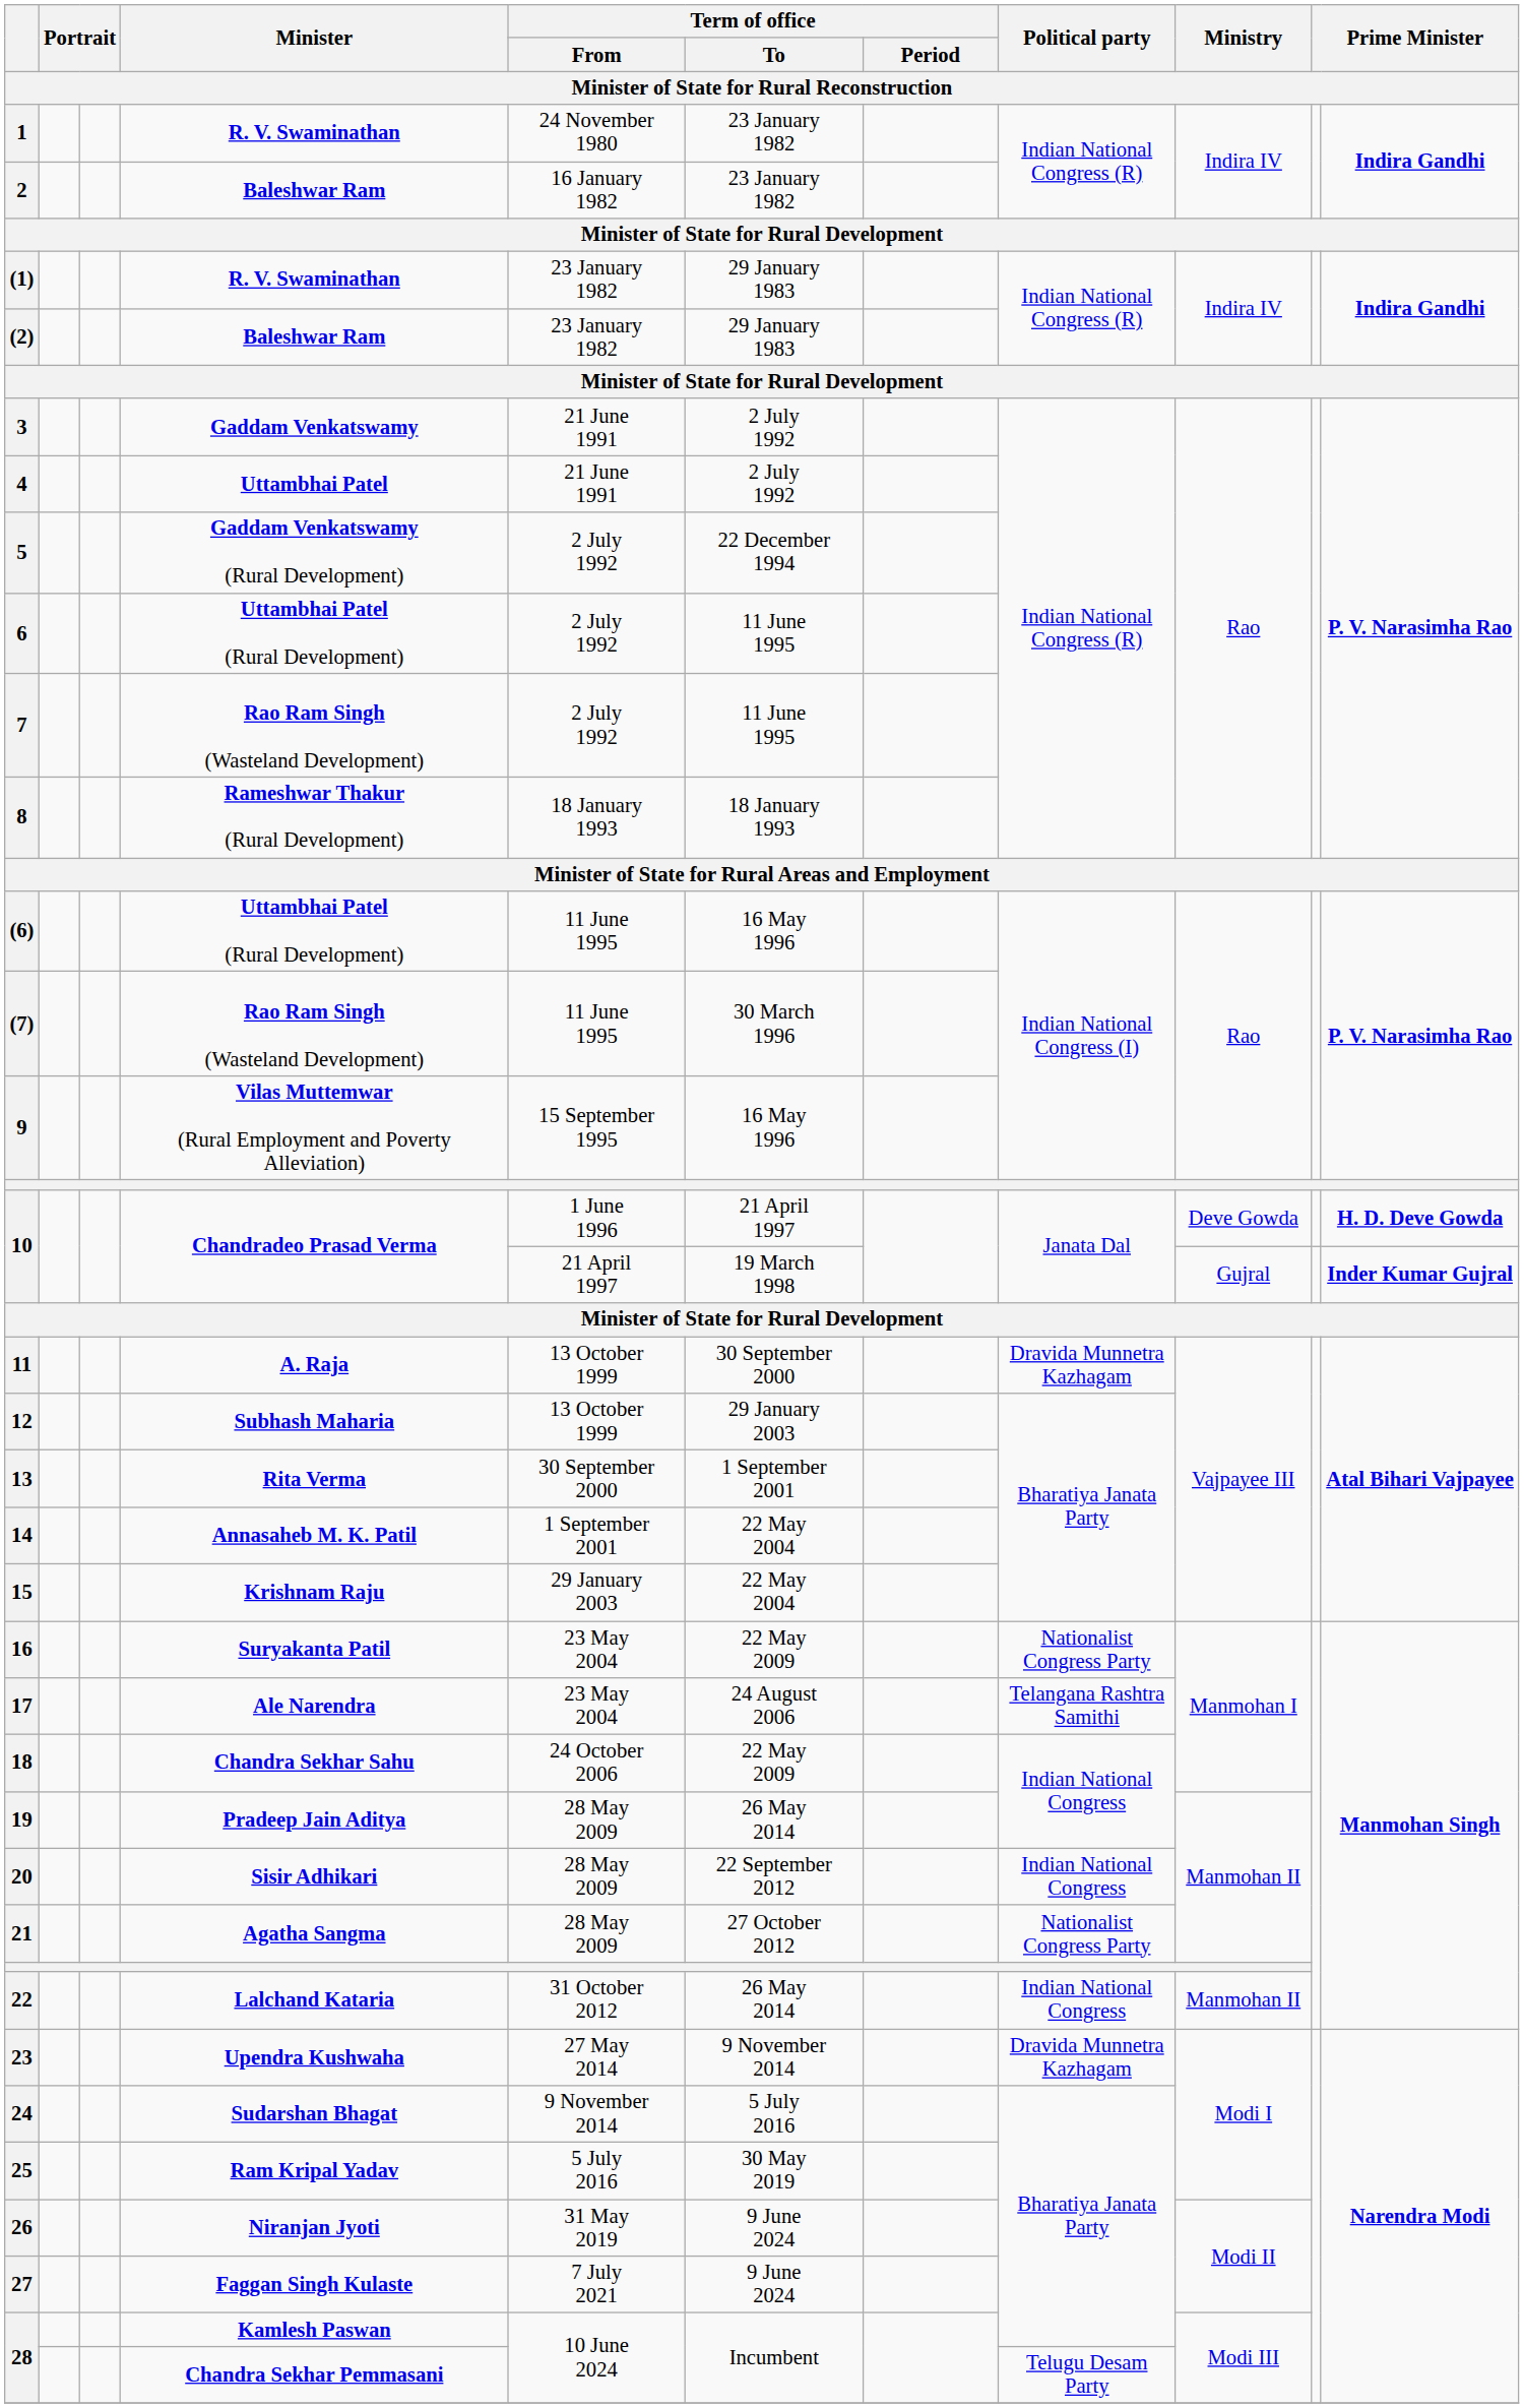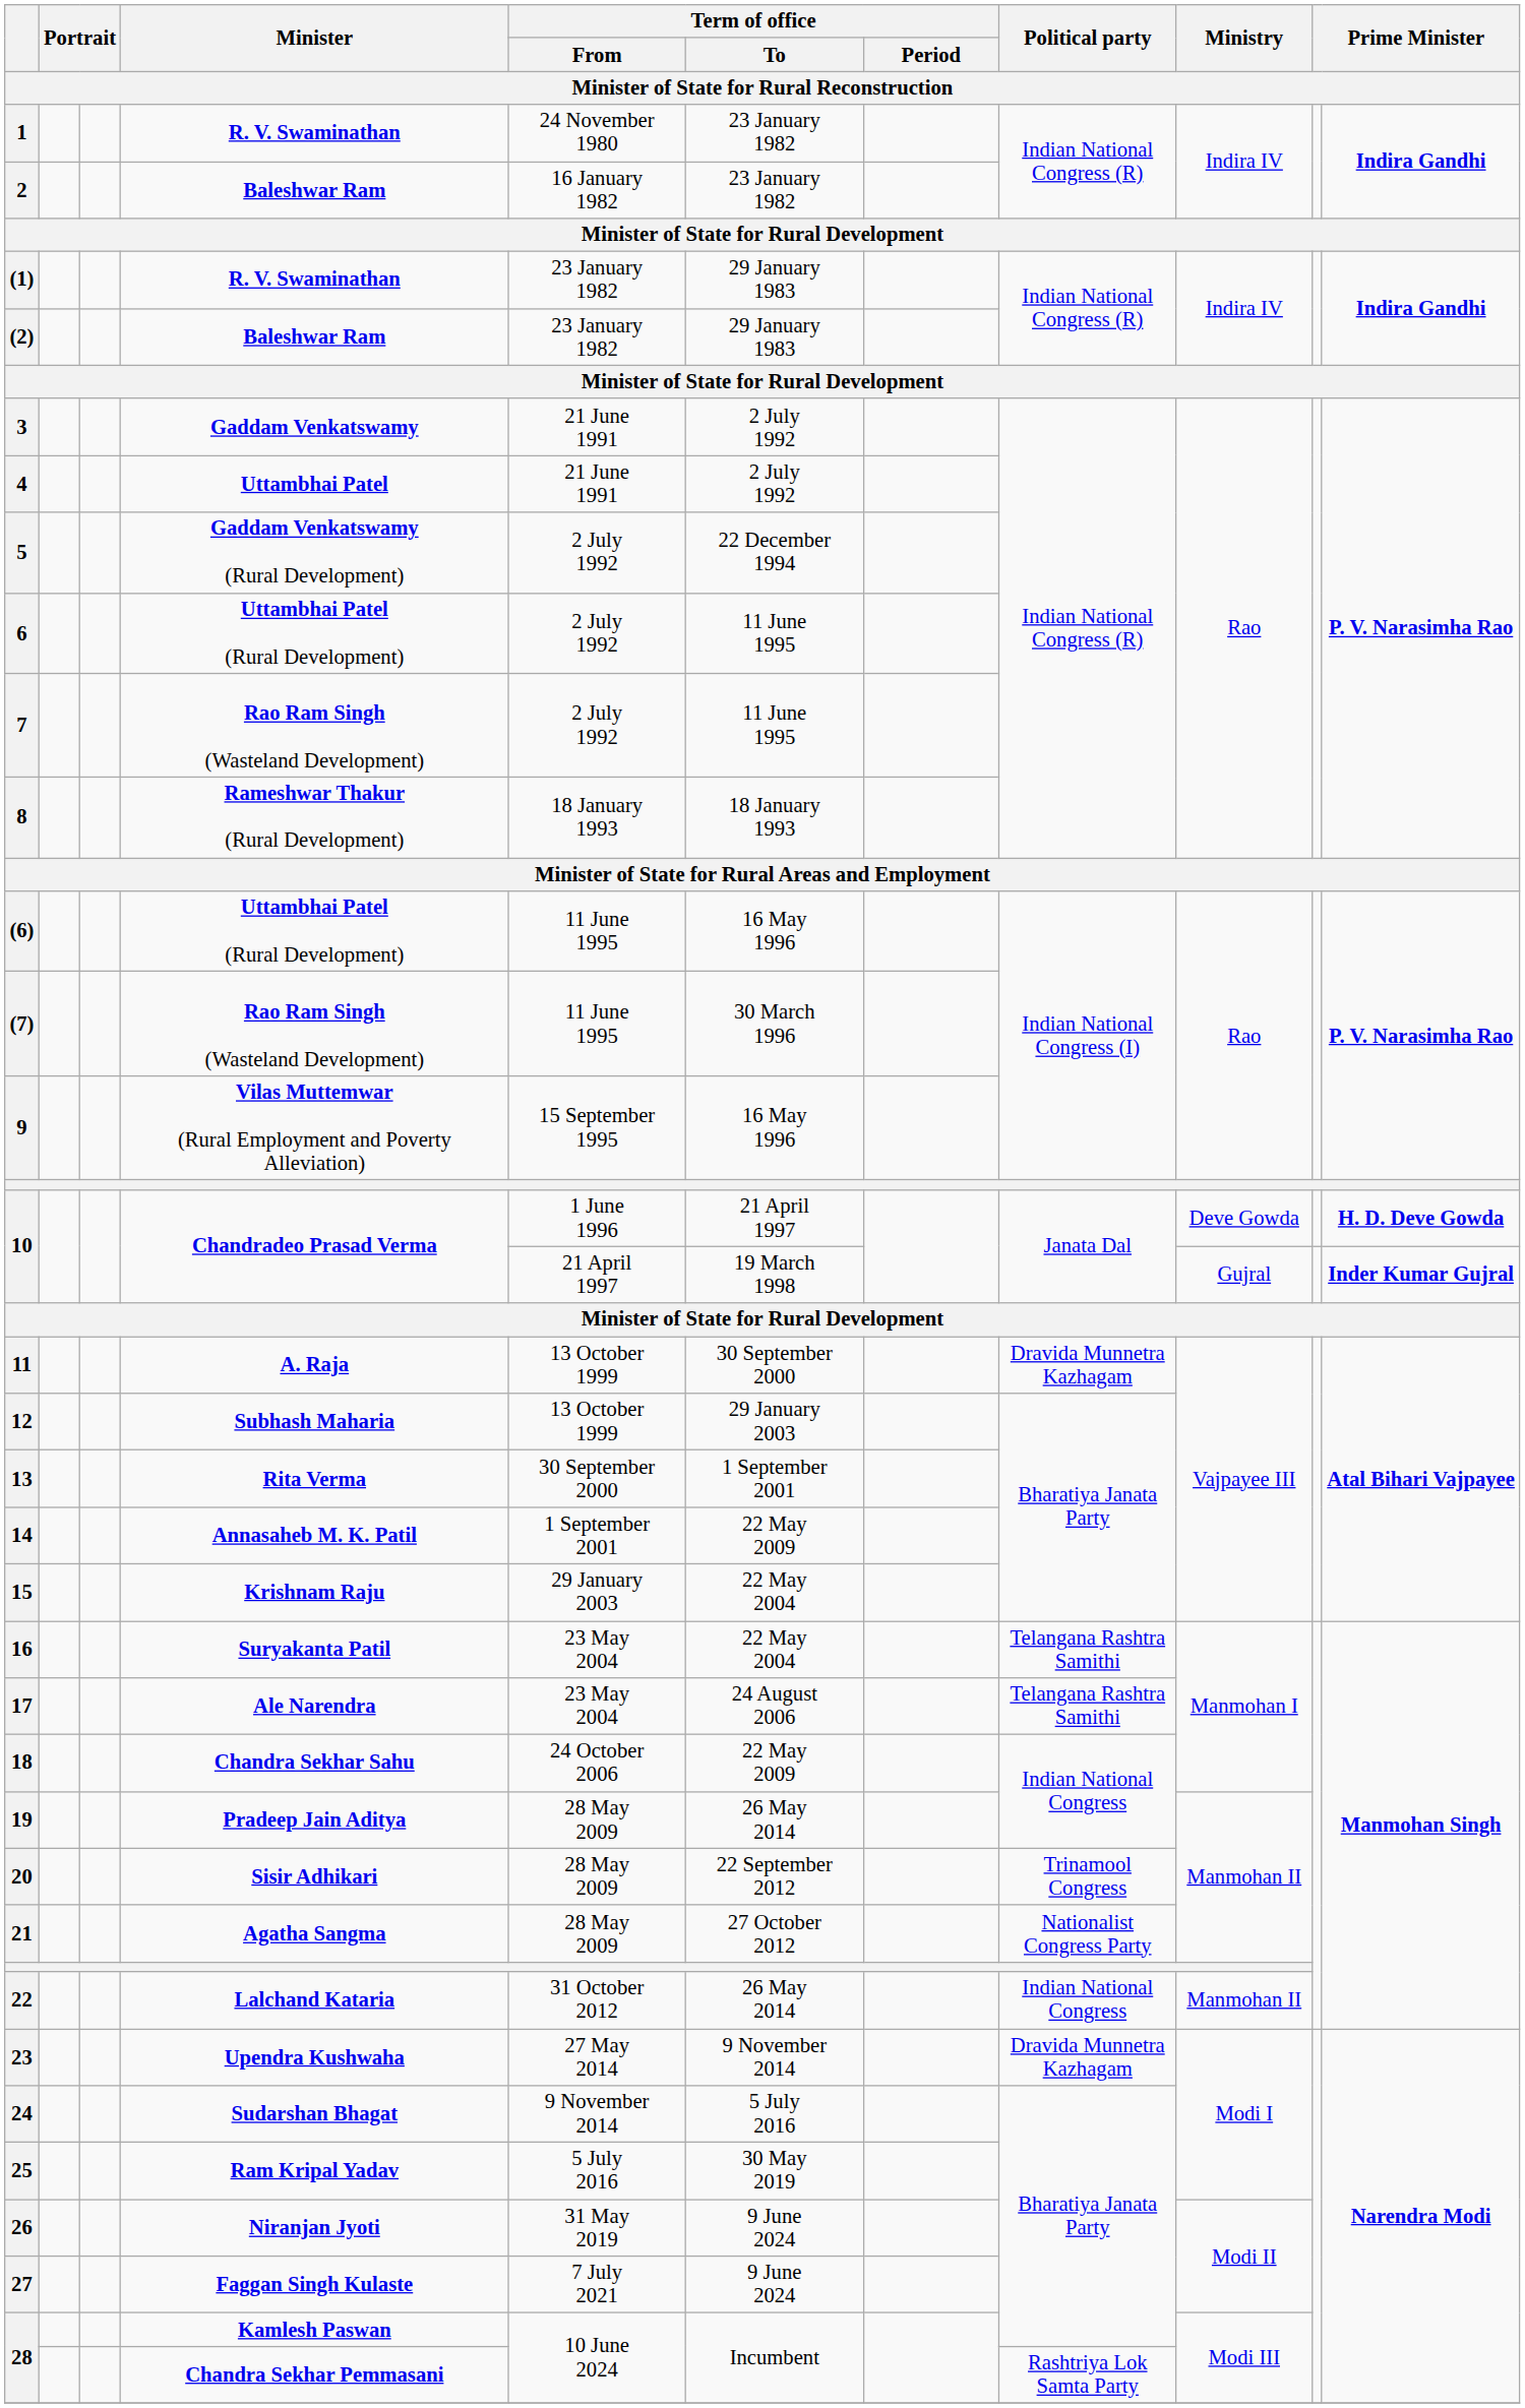 <table class="wikitable" style="text-align:center">
 <tr>
 <th rowspan="2"></th>
 <th rowspan="2" colspan="2">Portrait</th>
 <th rowspan="2" style="width:18em">Minister<br></th>
 <th colspan="3">Term of office</th>
 <th rowspan="2" style="width:8em">Political party</th>
 <th rowspan="2" style="width:6em">Ministry</th>
 <th rowspan="2" colspan="2">Prime Minister</th>
 </tr>
 <tr>
 <th style="width:8em">From</th>
 <th style="width:8em">To</th>
 <th style="width:6em">Period</th>
 </tr>
 <tr>
 <th colspan="11">Minister of State for Rural Reconstruction</th>
 </tr>
 <tr>
 <th>1</th>
 <td></td>
 <td></td>
 <td><strong><a href='#'>R. V. Swaminathan</a></strong><br></td>
 <td>24 November<br>1980</td>
 <td>23 January<br>1982</td>
 <td><strong></strong></td>
 <td rowspan="2"><a href='#'>Indian National Congress (R)</a></td>
 <td rowspan="2"><a href='#'>Indira IV</a></td>
 <td rowspan="2"></td>
 <td rowspan="2"><strong><a href='#'>Indira Gandhi</a></strong></td>
 </tr>
 <tr>
 <th>2</th>
 <td></td>
 <td></td>
 <td><strong><a href='#'>Baleshwar Ram</a></strong><br></td>
 <td>16 January<br>1982</td>
 <td>23 January<br>1982</td>
 <td><strong></strong></td>
 </tr>
 <tr>
 <th colspan="11">Minister of State for Rural Development</th>
 </tr>
 <tr>
 <th>(1)</th>
 <td></td>
 <td></td>
 <td><strong><a href='#'>R. V. Swaminathan</a></strong><br></td>
 <td>23 January<br>1982</td>
 <td>29 January<br>1983</td>
 <td><strong></strong></td>
 <td rowspan="2"><a href='#'>Indian National Congress (R)</a></td>
 <td rowspan="2"><a href='#'>Indira IV</a></td>
 <td rowspan="2"></td>
 <td rowspan="2"><strong><a href='#'>Indira Gandhi</a></strong></td>
 </tr>
 <tr>
 <th>(2)</th>
 <td></td>
 <td></td>
 <td><strong><a href='#'>Baleshwar Ram</a></strong><br></td>
 <td>23 January<br>1982</td>
 <td>29 January<br>1983</td>
 <td><strong></strong></td>
 </tr>
 <tr>
 <th colspan="11">Minister of State for Rural Development</th>
 </tr>
 <tr>
 <th>3</th>
 <td></td>
 <td></td>
 <td><strong><a href='#'>Gaddam Venkatswamy</a></strong><br></td>
 <td>21 June<br>1991</td>
 <td>2 July<br>1992</td>
 <td><strong></strong></td>
 <td rowspan="6"><a href='#'>Indian National Congress (R)</a></td>
 <td rowspan="6"><a href='#'>Rao</a></td>
 <td rowspan="6"></td>
 <td rowspan="6"><strong><a href='#'>P. V. Narasimha Rao</a></strong></td>
 </tr>
 <tr>
 <th>4</th>
 <td></td>
 <td></td>
 <td><strong><a href='#'>Uttambhai Patel</a></strong><br></td>
 <td>21 June<br>1991</td>
 <td>2 July<br>1992</td>
 <td><strong></strong></td>
 </tr>
 <tr>
 <th>5</th>
 <td></td>
 <td></td>
 <td><strong><a href='#'>Gaddam Venkatswamy</a></strong><br><br>(Rural Development)</td>
 <td>2 July<br>1992</td>
 <td>22 December<br>1994</td>
 <td><strong></strong></td>
 </tr>
 <tr>
 <th>6</th>
 <td></td>
 <td></td>
 <td><strong><a href='#'>Uttambhai Patel</a></strong><br><br>(Rural Development)</td>
 <td>2 July<br>1992</td>
 <td>11 June<br>1995</td>
 <td><strong></strong></td>
 </tr>
 <tr>
 <th>7</th>
 <td></td>
 <td></td>
 <td><br><strong><a href='#'>Rao Ram Singh</a></strong> <br><br>(Wasteland Development)</td>
 <td>2 July<br>1992</td>
 <td>11 June<br>1995</td>
 <td><strong></strong></td>
 </tr>
 <tr>
 <th>8</th>
 <td></td>
 <td></td>
 <td><strong><a href='#'>Rameshwar Thakur</a></strong><br><br>(Rural Development)</td>
 <td>18 January<br>1993</td>
 <td>18 January<br>1993</td>
 <td><strong></strong></td>
 </tr>
 <tr>
 <th colspan="11">Minister of State for Rural Areas and Employment</th>
 </tr>
 <tr>
 <th>(6)</th>
 <td></td>
 <td></td>
 <td><strong><a href='#'>Uttambhai Patel</a></strong><br><br>(Rural Development)</td>
 <td>11 June<br>1995</td>
 <td>16 May<br>1996</td>
 <td><strong></strong></td>
 <td rowspan="3"><a href='#'>Indian National Congress (I)</a></td>
 <td rowspan="3"><a href='#'>Rao</a></td>
 <td rowspan="3"></td>
 <td rowspan="3"><strong><a href='#'>P. V. Narasimha Rao</a></strong></td>
 </tr>
 <tr>
 <th>(7)</th>
 <td></td>
 <td></td>
 <td><br><strong><a href='#'>Rao Ram Singh</a></strong> <br><br>(Wasteland Development)</td>
 <td>11 June<br>1995</td>
 <td>30 March<br>1996</td>
 <td><strong></strong></td>
 </tr>
 <tr>
 <th>9</th>
 <td></td>
 <td></td>
 <td><strong><a href='#'>Vilas Muttemwar</a></strong><br><br>(Rural Employment and Poverty Alleviation)</td>
 <td>15 September<br>1995</td>
 <td>16 May<br>1996</td>
 <td><strong></strong></td>
 </tr>
 <tr>
 <th colspan="11"></th>
 </tr>
 <tr>
 <th rowspan="2">10</th>
 <td rowspan="2"></td>
 <td rowspan="2"></td>
 <td rowspan="2"><strong><a href='#'>Chandradeo Prasad Verma</a></strong><br></td>
 <td>1 June<br>1996</td>
 <td>21 April<br>1997</td>
 <td rowspan="2"><strong></strong></td>
 <td rowspan="2"><a href='#'>Janata Dal</a></td>
 <td><a href='#'>Deve Gowda</a></td>
 <td></td>
 <td><strong><a href='#'>H. D. Deve Gowda</a></strong></td>
 </tr>
 <tr>
 <td>21 April<br>1997</td>
 <td>19 March<br>1998</td>
 <td><a href='#'>Gujral</a></td>
 <td></td>
 <td><strong><a href='#'>Inder Kumar Gujral</a></strong></td>
 </tr>
 <tr>
 <th colspan="11">Minister of State for Rural Development</th>
 </tr>
 <tr>
 <th>11</th>
 <td></td>
 <td></td>
 <td><strong><a href='#'>A. Raja</a></strong><br></td>
 <td>13 October<br>1999</td>
 <td>30 September<br>2000</td>
 <td><strong></strong></td>
 <td><a href='#'>Dravida Munnetra Kazhagam</a></td>
 <td rowspan="5"><a href='#'>Vajpayee III</a></td>
 <td rowspan="5"></td>
 <td rowspan="5" style="width:9em"><strong><a href='#'>Atal Bihari Vajpayee</a></strong></td>
 </tr>
 <tr>
 <th>12</th>
 <td></td>
 <td></td>
 <td><strong><a href='#'>Subhash Maharia</a></strong><br></td>
 <td>13 October<br>1999</td>
 <td>29 January<br>2003</td>
 <td><strong></strong></td>
 <td rowspan="4"><a href='#'>Bharatiya Janata Party</a></td>
 </tr>
 <tr>
 <th>13</th>
 <td></td>
 <td></td>
 <td><strong><a href='#'>Rita Verma</a></strong><br></td>
 <td>30 September<br>2000</td>
 <td>1 September<br>2001</td>
 <td><strong></strong></td>
 </tr>
 <tr>
 <th>14</th>
 <td></td>
 <td></td>
 <td><strong><a href='#'>Annasaheb M. K. Patil</a></strong><br></td>
 <td>1 September<br>2001</td>
-<td>22 May<br>2004</td>
+<td>22 May<br>2009</td>
 <td><strong></strong></td>
 </tr>
 <tr>
 <th>15</th>
 <td></td>
 <td></td>
 <td><strong><a href='#'>Krishnam Raju</a></strong><br></td>
 <td>29 January<br>2003</td>
 <td>22 May<br>2004</td>
 <td><strong></strong></td>
 </tr>
 <tr>
 <th>16</th>
 <td></td>
 <td></td>
 <td><strong><a href='#'>Suryakanta Patil</a></strong><br></td>
 <td>23 May<br>2004</td>
-<td>22 May<br>2009</td>
+<td>22 May<br>2004</td>
 <td><strong></strong></td>
-<td><a href='#'>Nationalist Congress Party</a></td>
+<td><a href='#'>Telangana Rashtra Samithi</a></td>
 <td rowspan="3"><a href='#'>Manmohan I</a></td>
 <td rowspan="8"></td>
 <td rowspan="8"><strong><a href='#'>Manmohan Singh</a></strong></td>
 </tr>
 <tr>
 <th>17</th>
 <td></td>
 <td></td>
 <td><strong><a href='#'>Ale Narendra</a></strong><br></td>
 <td>23 May<br>2004</td>
 <td>24 August<br>2006</td>
 <td><strong></strong></td>
 <td><a href='#'>Telangana Rashtra Samithi</a></td>
 </tr>
 <tr>
 <th>18</th>
 <td></td>
 <td></td>
 <td><strong><a href='#'>Chandra Sekhar Sahu</a></strong><br></td>
 <td>24 October<br>2006</td>
 <td>22 May<br>2009</td>
 <td><strong></strong></td>
 <td rowspan="2"><a href='#'>Indian National Congress</a></td>
 </tr>
 <tr>
 <th>19</th>
 <td></td>
 <td></td>
 <td><strong><a href='#'>Pradeep Jain Aditya</a></strong><br></td>
 <td>28 May<br>2009</td>
 <td>26 May<br>2014</td>
 <td><strong></strong></td>
 <td rowspan="3"><a href='#'>Manmohan II</a></td>
 </tr>
 <tr>
 <th>20</th>
 <td></td>
 <td></td>
 <td><strong><a href='#'>Sisir Adhikari</a></strong><br></td>
 <td>28 May<br>2009</td>
 <td>22 September<br>2012</td>
 <td><strong></strong></td>
-<td><a href='#'>Indian National Congress</a></td>
+<td><a href='#'>Trinamool Congress</a></td>
 </tr>
 <tr>
 <th>21</th>
 <td></td>
 <td></td>
 <td><strong><a href='#'>Agatha Sangma</a></strong><br></td>
 <td>28 May<br>2009</td>
 <td>27 October<br>2012</td>
 <td><strong></strong></td>
 <td><a href='#'>Nationalist Congress Party</a></td>
 </tr>
 <tr>
 <th colspan="9"></th>
 </tr>
 <tr>
 <th>22</th>
 <td></td>
 <td></td>
 <td><strong><a href='#'>Lalchand Kataria</a></strong><br></td>
 <td>31 October<br>2012</td>
 <td>26 May<br>2014</td>
 <td><strong></strong></td>
 <td><a href='#'>Indian National Congress</a></td>
 <td><a href='#'>Manmohan II</a></td>
 </tr>
 <tr>
 <th>23</th>
 <td></td>
 <td></td>
 <td><strong><a href='#'>Upendra Kushwaha</a></strong><br></td>
 <td>27 May<br>2014</td>
 <td>9 November<br>2014</td>
 <td><strong></strong></td>
 <td><a href='#'>Dravida Munnetra Kazhagam</a></td>
 <td rowspan="3"><a href='#'>Modi I</a></td>
 <td rowspan="7"></td>
 <td rowspan="7"><strong><a href='#'>Narendra Modi</a></strong></td>
 </tr>
 <tr>
 <th>24</th>
 <td></td>
 <td></td>
 <td><strong><a href='#'>Sudarshan Bhagat</a></strong><br></td>
 <td>9 November<br>2014</td>
 <td>5 July<br>2016</td>
 <td><strong></strong></td>
 <td rowspan="5"><a href='#'>Bharatiya Janata Party</a></td>
 </tr>
 <tr>
 <th>25</th>
 <td></td>
 <td></td>
 <td><strong><a href='#'>Ram Kripal Yadav</a></strong><br></td>
 <td>5 July<br>2016</td>
 <td>30 May<br>2019</td>
 <td><strong></strong></td>
 </tr>
 <tr>
 <th>26</th>
 <td></td>
 <td></td>
 <td><strong><a href='#'>Niranjan Jyoti</a></strong><br></td>
 <td>31 May<br>2019</td>
 <td>9 June<br>2024</td>
 <td><strong></strong></td>
 <td rowspan="2"><a href='#'>Modi II</a></td>
 </tr>
 <tr>
 <th>27</th>
 <td></td>
 <td></td>
 <td><strong><a href='#'>Faggan Singh Kulaste</a></strong><br></td>
 <td>7 July<br>2021</td>
 <td>9 June<br>2024</td>
 <td><strong></strong></td>
 </tr>
 <tr>
 <th rowspan= 2>28</th>
 <td></td>
 <td></td>
 <td><strong><a href='#'>Kamlesh Paswan</a></strong><br></td>
 <td rowspan="2">10 June<br>2024</td>
 <td rowspan="2">Incumbent</td>
 <td rowspan="2"><strong></strong></td>
 <td rowspan="2"><a href='#'>Modi III</a></td>
 </tr>
 <tr>
 <td></td>
 <td></td>
 <td><strong><a href='#'>Chandra Sekhar Pemmasani</a></strong><br></td>
-<td><a href='#'>Telugu Desam Party</a></td>
+<td><a href='#'>Rashtriya Lok Samta Party</a></td>
 </tr>
 <tr>
 </tr>
 </table>
